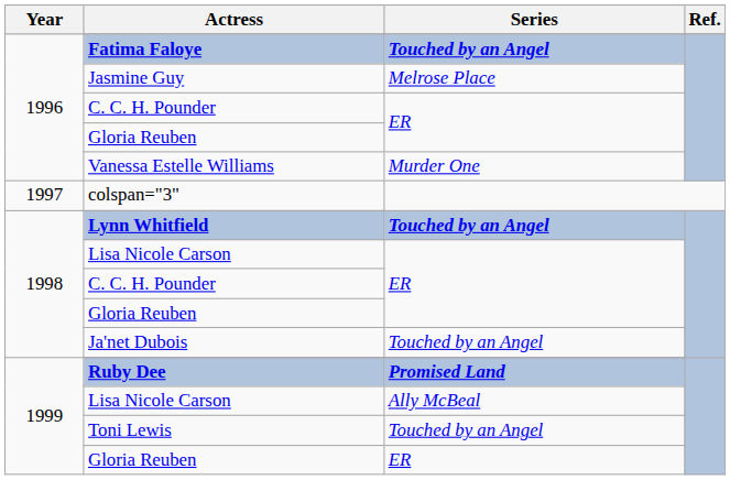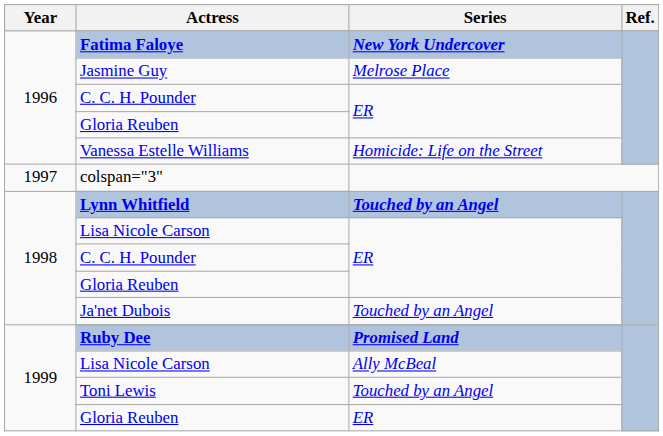 <table class="wikitable" style="width:100%;">
 <tr style="background:#bebebe;">
 <th style="width:11%;">Year</th>
 <th style="width:42%;">Actress</th>
 <th style="width:42%;">Series</th>
 <th style="width:5%;">Ref.</th>
 </tr>
 <tr>
 <td rowspan="6" align="center">1996</td>
 </tr>
 <tr style="background:#B0C4DE">
 <td><strong><a href='#'>Fatima Faloye</a></strong></td>
-<td><strong><em><a href='#'>Touched by an Angel</a></em></strong></td>
+<td><strong><em><a href='#'>New York Undercover</a></em></strong></td>
 <td rowspan="5" align="center"></td>
 </tr>
 <tr>
 <td><a href='#'>Jasmine Guy</a></td>
 <td><em><a href='#'>Melrose Place</a></em></td>
 </tr>
 <tr>
 <td><a href='#'>C. C. H. Pounder</a></td>
 <td rowspan="2"><em><a href='#'>ER</a></em></td>
 </tr>
 <tr>
 <td><a href='#'>Gloria Reuben</a></td>
 </tr>
 <tr>
 <td><a href='#'>Vanessa Estelle Williams</a></td>
-<td><em><a href='#'>Murder One</a></em></td>
+<td><em><a href='#'>Homicide: Life on the Street</a></em></td>
 </tr>
 <tr>
 <td align="center">1997</td>
 <td>colspan="3" </td>
 </tr>
 <tr>
 <td rowspan="6" align="center">1998</td>
 </tr>
 <tr style="background:#B0C4DE">
 <td><strong><a href='#'>Lynn Whitfield</a></strong></td>
 <td><strong><em><a href='#'>Touched by an Angel</a></em></strong></td>
 <td rowspan="6" align="center"></td>
 </tr>
 <tr>
 <td><a href='#'>Lisa Nicole Carson</a></td>
 <td rowspan="3"><em><a href='#'>ER</a></em></td>
 </tr>
 <tr>
 <td><a href='#'>C. C. H. Pounder</a></td>
 </tr>
 <tr>
 <td><a href='#'>Gloria Reuben</a></td>
 </tr>
 <tr>
 <td><a href='#'>Ja'net Dubois</a></td>
 <td><em><a href='#'>Touched by an Angel</a></em></td>
 </tr>
 <tr>
 <td rowspan="5" align="center">1999</td>
 </tr>
 <tr style="background:#B0C4DE">
 <td><strong><a href='#'>Ruby Dee</a></strong></td>
 <td><strong><em><a href='#'>Promised Land</a></em></strong></td>
 <td rowspan="5" align="center"></td>
 </tr>
 <tr>
 <td><a href='#'>Lisa Nicole Carson</a></td>
 <td><em><a href='#'>Ally McBeal</a></em></td>
 </tr>
 <tr>
 <td><a href='#'>Toni Lewis</a></td>
 <td><em><a href='#'>Touched by an Angel</a></em></td>
 </tr>
 <tr>
 <td><a href='#'>Gloria Reuben</a></td>
 <td><em><a href='#'>ER</a></em></td>
 </tr>
 </table>
